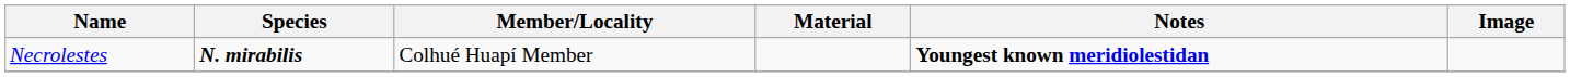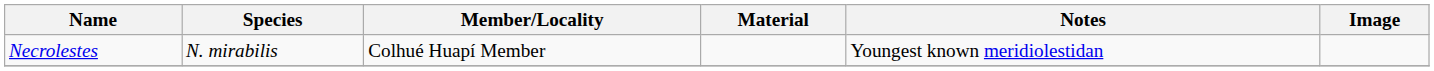 <table class="wikitable" align="center" width="75%">
 <tr>
 <th>Name</th>
 <th>Species</th>
 <th>Member/Locality</th>
 <th>Material</th>
 <th>Notes</th>
 <th>Image</th>
 </tr>
 <tr>
 <td><em><a href='#'>Necrolestes</a></em></td>
-<td><strong><em>N. mirabilis</em></strong></td>
+<td><em>N. mirabilis</em></td>
 <td>Colhué Huapí Member</td>
 <td></td>
-<td><strong>Youngest known <a href='#'>meridiolestidan</a></strong></td>
+<td>Youngest known <a href='#'>meridiolestidan</a></td>
 <td></td>
 </tr>
 <tr>
 </tr>
 </table>
